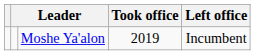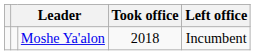 <table class="wikitable" style="text-align: center;">
 <tr>
 <th><br></th>
 <th colspan="2">Leader</th>
 <th>Took office</th>
 <th>Left office</th>
 </tr>
 <tr>
 <td style="background: "></td>
 <td></td>
 <td><a href='#'>Moshe Ya'alon</a></td>
-<td>2019</td>
+<td>2018</td>
 <td>Incumbent</td>
 </tr>
 </table>
